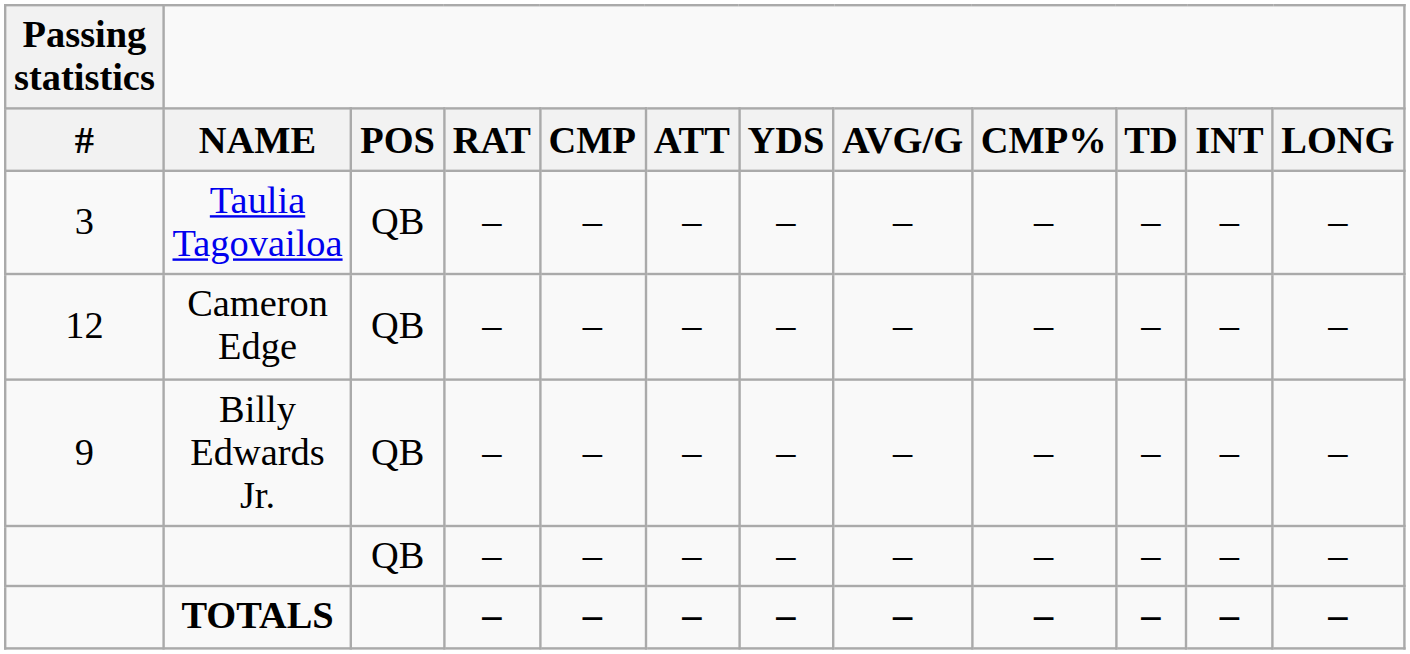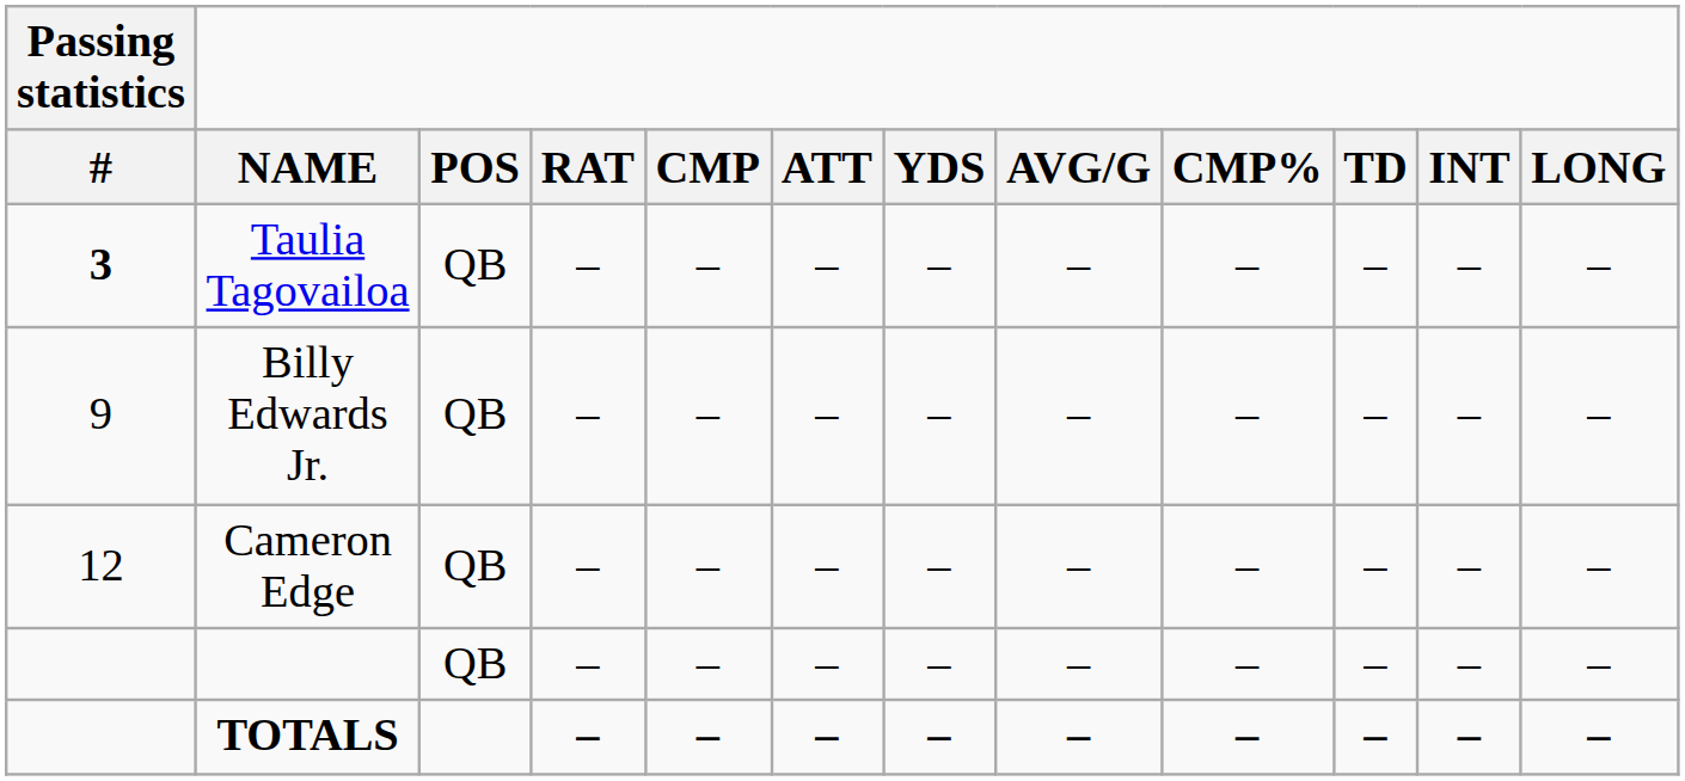 <table style="width:60%; text-align:center;" class="wikitable collapsible collapsed">
 <tr>
 <th style="text-align:center; ">Passing statistics</th>
 </tr>
 <tr>
 <th>#</th>
 <th>NAME</th>
 <th>POS</th>
 <th>RAT</th>
 <th>CMP</th>
 <th>ATT</th>
 <th>YDS</th>
 <th>AVG/G</th>
 <th>CMP%</th>
 <th>TD</th>
 <th>INT</th>
 <th>LONG</th>
 </tr>
 <tr>
-<td>3</td>
+<td><strong>3</strong></td>
 <td><a href='#'>Taulia Tagovailoa</a></td>
+<td>QB</td>
+<td>–</td>
+<td>–</td>
+<td>–</td>
+<td>–</td>
+<td>–</td>
+<td>–</td>
+<td>–</td>
+<td>–</td>
+<td>–</td>
+</tr>
+<tr>
+<td>9</td>
+<td>Billy Edwards Jr.</td>
 <td>QB</td>
 <td>–</td>
 <td>–</td>
 <td>–</td>
 <td>–</td>
 <td>–</td>
 <td>–</td>
 <td>–</td>
 <td>–</td>
 <td>–</td>
 </tr>
 <tr>
 <td>12</td>
 <td>Cameron Edge</td>
-<td>QB</td>
-<td>–</td>
-<td>–</td>
-<td>–</td>
-<td>–</td>
-<td>–</td>
-<td>–</td>
-<td>–</td>
-<td>–</td>
-<td>–</td>
-</tr>
-<tr>
-<td>9</td>
-<td>Billy Edwards Jr.</td>
 <td>QB</td>
 <td>–</td>
 <td>–</td>
 <td>–</td>
 <td>–</td>
 <td>–</td>
 <td>–</td>
 <td>–</td>
 <td>–</td>
 <td>–</td>
 </tr>
 <tr>
 <td></td>
 <td></td>
 <td>QB</td>
 <td>–</td>
 <td>–</td>
 <td>–</td>
 <td>–</td>
 <td>–</td>
 <td>–</td>
 <td>–</td>
 <td>–</td>
 <td>–</td>
 </tr>
 <tr>
 <td></td>
 <td><strong>TOTALS</strong></td>
 <td></td>
 <td><strong>–</strong></td>
 <td><strong>–</strong></td>
 <td><strong>–</strong></td>
 <td><strong>–</strong></td>
 <td><strong>–</strong></td>
 <td><strong>–</strong></td>
 <td><strong>–</strong></td>
 <td><strong>–</strong></td>
 <td><strong>–</strong></td>
 </tr>
 </table>
